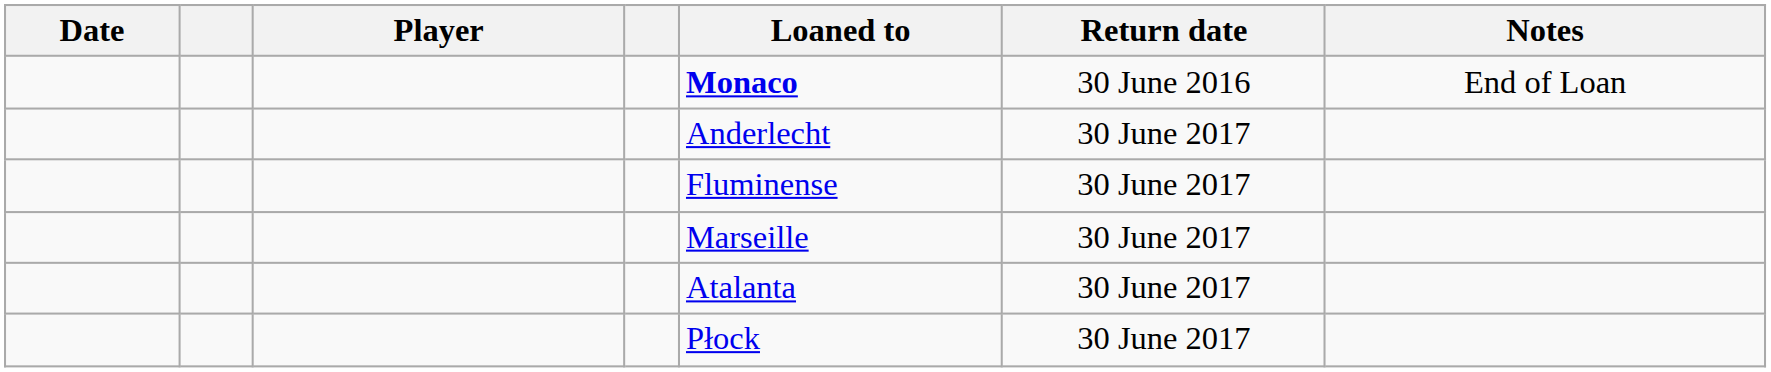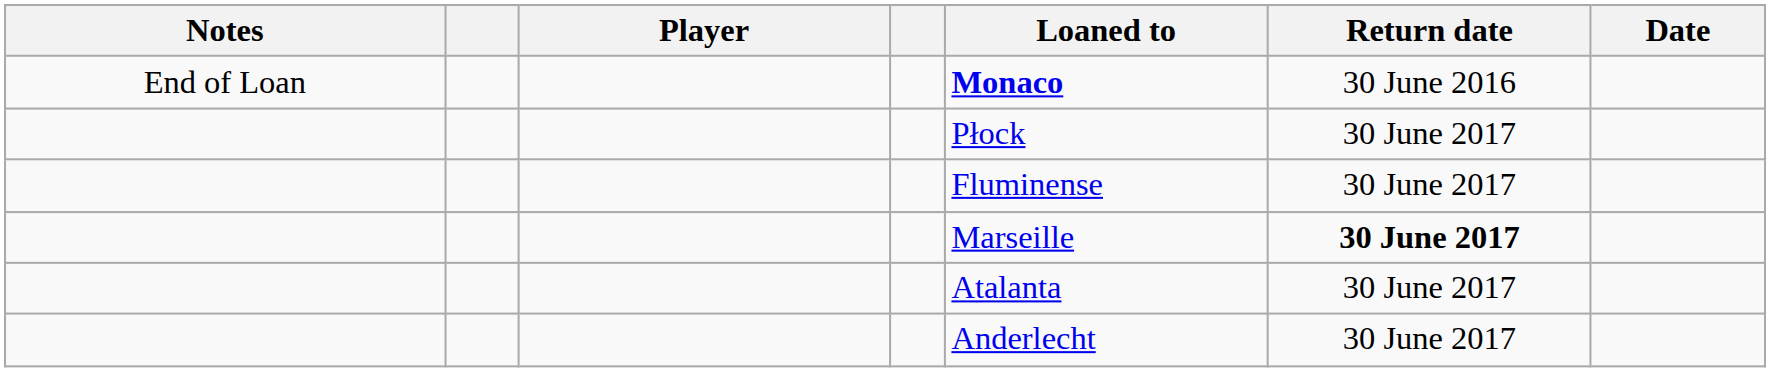 <table class="wikitable sortable">
 <tr>
-<th style="width:80px;">Date</th>
+<th style="width:215px;" class="unsortable">Notes</th>
 <th style="width:30px;"></th>
 <th style="width:180px;">Player</th>
 <th style="width:20px;"></th>
 <th style="width:155px;">Loaned to</th>
 <th style="width:155px;" class="unsortable">Return date</th>
-<th style="width:215px;" class="unsortable">Notes</th>
+<th style="width:80px;">Date</th>
 </tr>
 <tr>
-<td></td>
+<td align=center>End of Loan</td>
 <td align=center></td>
 <td> </td>
 <td></td>
 <td><strong> <a href='#'>Monaco</a></strong></td>
 <td align=center>30 June 2016</td>
-<td align=center>End of Loan</td>
+<td></td>
 </tr>
 <tr>
+<td align=center></td>
+<td align=center></td>
+<td> </td>
 <td></td>
+<td> <a href='#'>Płock</a></td>
+<td align=center>30 June 2017</td>
+<td></td>
+</tr>
+<tr>
+<td align=center></td>
+<td align=center></td>
+<td> </td>
+<td></td>
+<td> <a href='#'>Fluminense</a></td>
+<td align=center>30 June 2017</td>
+<td></td>
+</tr>
+<tr>
+<td align=center></td>
+<td align=center></td>
+<td> </td>
+<td></td>
+<td> <a href='#'>Marseille</a></td>
+<td align=center><strong>30 June 2017</strong></td>
+<td></td>
+</tr>
+<tr>
+<td align=center></td>
+<td align=center></td>
+<td> </td>
+<td></td>
+<td> <a href='#'>Atalanta</a></td>
+<td align=center>30 June 2017</td>
+<td></td>
+</tr>
+<tr>
+<td align=center></td>
 <td align=center></td>
 <td> </td>
 <td></td>
 <td> <a href='#'>Anderlecht</a></td>
 <td align=center>30 June 2017</td>
-<td align=center></td>
-</tr>
-<tr>
 <td></td>
-<td align=center></td>
-<td> </td>
-<td></td>
-<td> <a href='#'>Fluminense</a></td>
-<td align=center>30 June 2017</td>
-<td align=center></td>
-</tr>
-<tr>
-<td></td>
-<td align=center></td>
-<td> </td>
-<td></td>
-<td> <a href='#'>Marseille</a></td>
-<td align=center>30 June 2017</td>
-<td align=center></td>
-</tr>
-<tr>
-<td></td>
-<td align=center></td>
-<td> </td>
-<td></td>
-<td> <a href='#'>Atalanta</a></td>
-<td align=center>30 June 2017</td>
-<td align=center></td>
-</tr>
-<tr>
-<td></td>
-<td align=center></td>
-<td> </td>
-<td></td>
-<td> <a href='#'>Płock</a></td>
-<td align=center>30 June 2017</td>
-<td align=center></td>
 </tr>
 </table>
